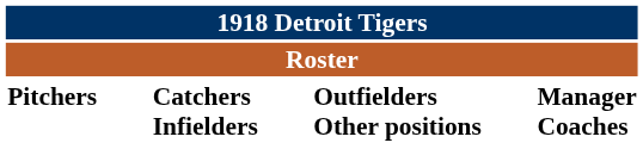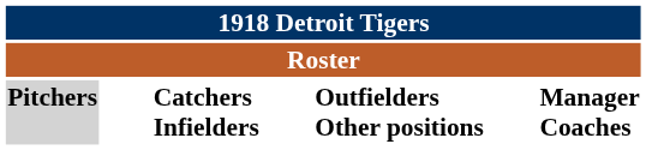 <table class="toccolours" style="font-size: 95%;">
 <tr>
 <th colspan="10" style="background-color: #003366; color: white; text-align: center;">1918 Detroit Tigers</th>
 </tr>
 <tr>
 <td colspan="10" style="background-color: #bd5d29; color: white; text-align: center;"><strong>Roster</strong></td>
 </tr>
 <tr>
-<td valign="top"><strong>Pitchers</strong><br>              </td>
+<td valign="top" style="background: lightgrey;"><strong>Pitchers</strong><br>              </td>
 <td width="25px"></td>
 <td valign="top"><strong>Catchers</strong><br>   <strong>Infielders</strong>         </td>
 <td width="25px"></td>
 <td valign="top"><strong>Outfielders</strong><br>       <strong>Other positions</strong> </td>
 <td width="25px"></td>
 <td valign="top"><strong>Manager</strong><br> <strong>Coaches</strong> </td>
 </tr>
 </table>
